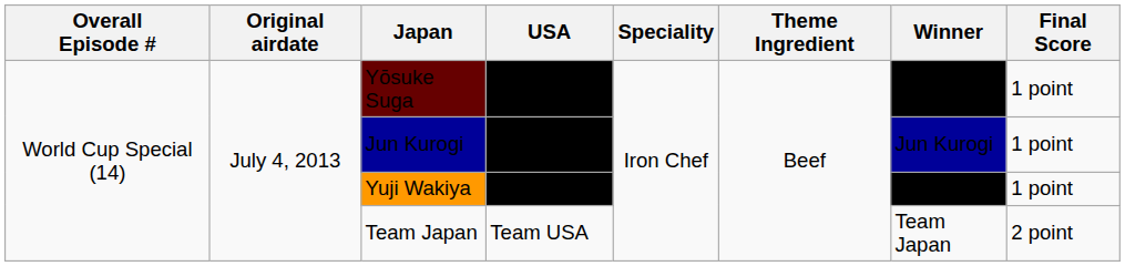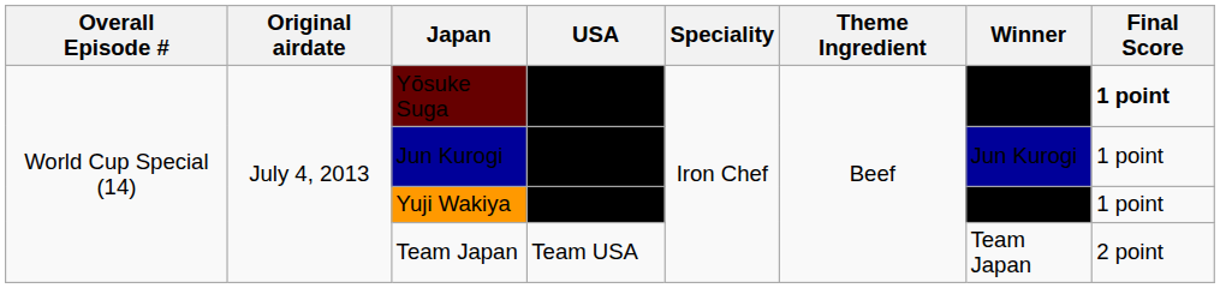 <table class="wikitable">
 <tr>
 <th>Overall<br>Episode #</th>
 <th>Original airdate</th>
 <th>Japan</th>
 <th>USA</th>
 <th>Speciality</th>
 <th>Theme Ingredient</th>
 <th>Winner</th>
 <th>Final Score</th>
 </tr>
 <tr>
 <td align="center" rowspan=4>World Cup Special (14)</td>
 <td align="center" rowspan=4>July 4, 2013</td>
 <td style="background:#660000;"><span> Yōsuke Suga</span></td>
 <td style="background:#000000;"><span>  Eric Ziebold</span></td>
 <td align="center" rowspan=4>Iron Chef</td>
 <td align="center" rowspan=4>Beef</td>
 <td style="background:#000000;"><span>  Eric Ziebold</span></td>
-<td>1 point</td>
+<td><strong>1 point</strong></td>
 </tr>
 <tr>
 <td style="background:#000099;"><span> Jun Kurogi</span></td>
 <td style="background:#000000;"><span>  Frank A. Ruta</span></td>
 <td style="background:#000099;"><span> Jun Kurogi</span></td>
 <td>1 point</td>
 </tr>
 <tr>
 <td style="background:#FF9900;"> Yuji Wakiya</td>
 <td style="background:#000000;"><span>  Tony Maws</span></td>
 <td style="background:#000000;"><span>  Tony Maws</span></td>
 <td>1 point</td>
 </tr>
 <tr>
 <td> Team Japan</td>
 <td> Team USA</td>
 <td> Team Japan</td>
 <td>2 point</td>
 </tr>
 </table>
